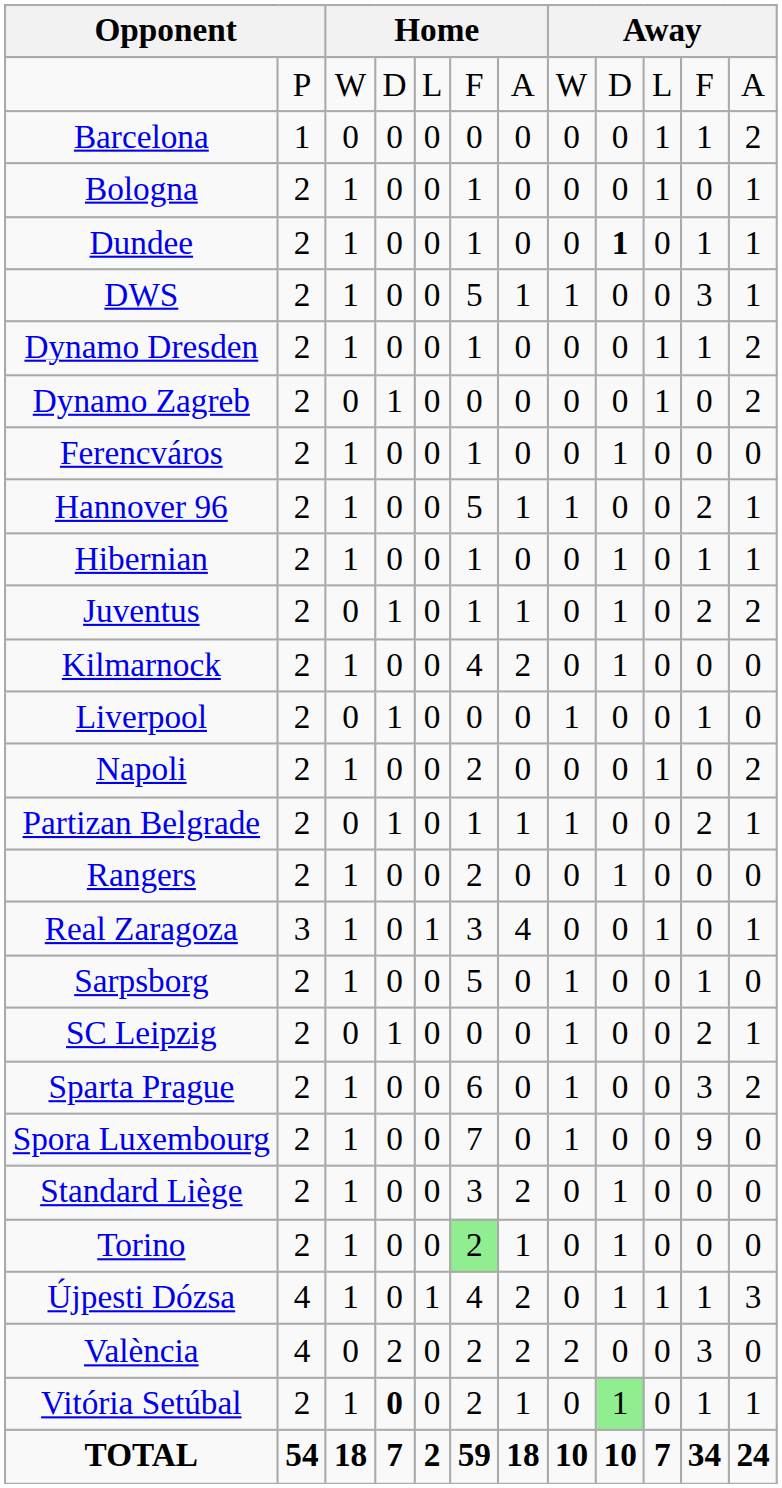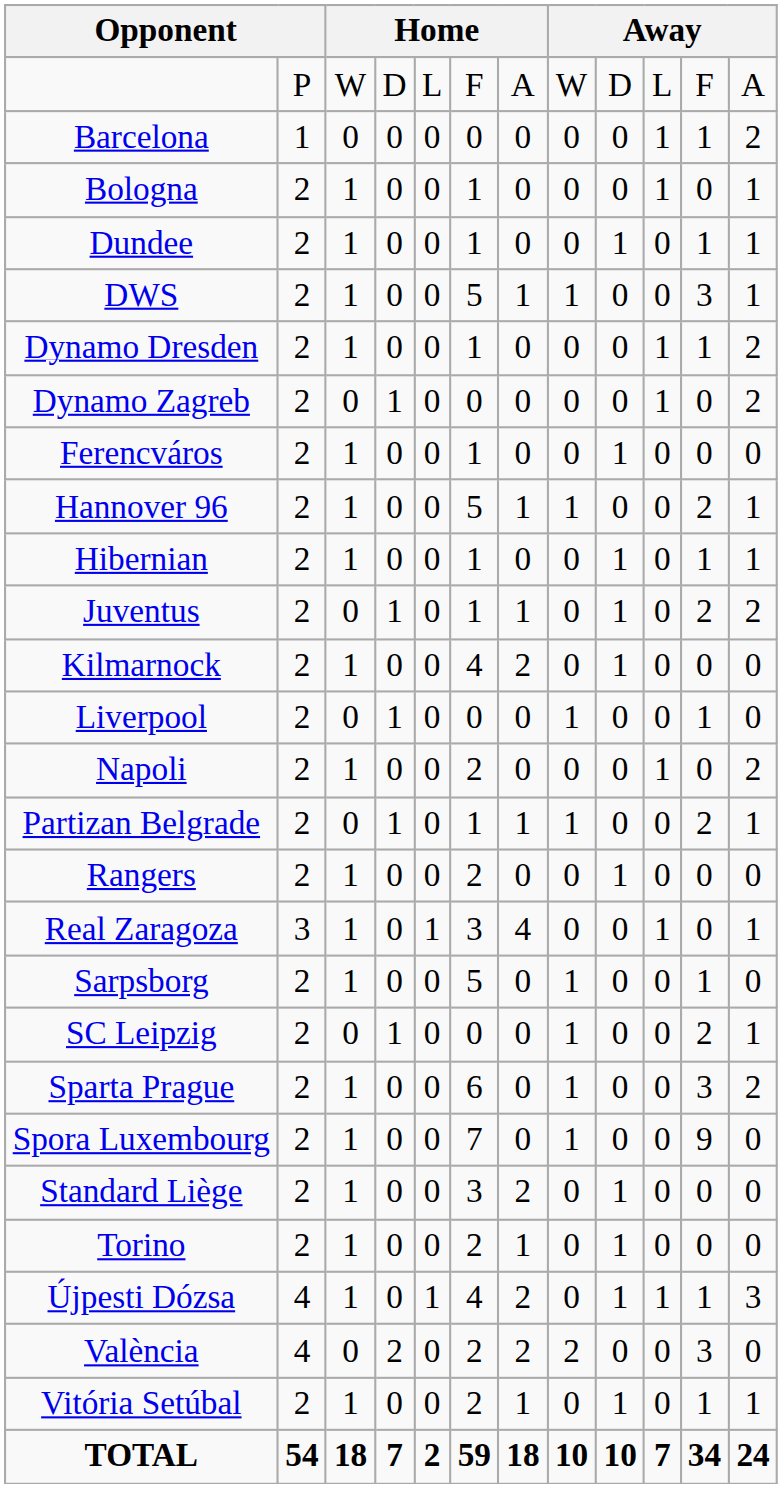 <table class="wikitable" style="text-align: center">
 <tr>
 <th colspan=2>Opponent</th>
 <th colspan=5>Home</th>
 <th colspan=5>Away</th>
 </tr>
 <tr>
 <td></td>
 <td>P</td>
 <td>W</td>
 <td>D</td>
 <td>L</td>
 <td>F</td>
 <td>A</td>
 <td>W</td>
 <td>D</td>
 <td>L</td>
 <td>F</td>
 <td>A</td>
 </tr>
 <tr>
 <td><a href='#'>Barcelona</a></td>
 <td>1</td>
 <td>0</td>
 <td>0</td>
 <td>0</td>
 <td>0</td>
 <td>0</td>
 <td>0</td>
 <td>0</td>
 <td>1</td>
 <td>1</td>
 <td>2</td>
 </tr>
 <tr>
 <td><a href='#'>Bologna</a></td>
 <td>2</td>
 <td>1</td>
 <td>0</td>
 <td>0</td>
 <td>1</td>
 <td>0</td>
 <td>0</td>
 <td>0</td>
 <td>1</td>
 <td>0</td>
 <td>1</td>
 </tr>
 <tr>
 <td><a href='#'>Dundee</a></td>
 <td>2</td>
 <td>1</td>
 <td>0</td>
 <td>0</td>
 <td>1</td>
 <td>0</td>
 <td>0</td>
-<td><strong>1</strong></td>
+<td>1</td>
 <td>0</td>
 <td>1</td>
 <td>1</td>
 </tr>
 <tr>
 <td><a href='#'>DWS</a></td>
 <td>2</td>
 <td>1</td>
 <td>0</td>
 <td>0</td>
 <td>5</td>
 <td>1</td>
 <td>1</td>
 <td>0</td>
 <td>0</td>
 <td>3</td>
 <td>1</td>
 </tr>
 <tr>
 <td><a href='#'>Dynamo Dresden</a></td>
 <td>2</td>
 <td>1</td>
 <td>0</td>
 <td>0</td>
 <td>1</td>
 <td>0</td>
 <td>0</td>
 <td>0</td>
 <td>1</td>
 <td>1</td>
 <td>2</td>
 </tr>
 <tr>
 <td><a href='#'>Dynamo Zagreb</a></td>
 <td>2</td>
 <td>0</td>
 <td>1</td>
 <td>0</td>
 <td>0</td>
 <td>0</td>
 <td>0</td>
 <td>0</td>
 <td>1</td>
 <td>0</td>
 <td>2</td>
 </tr>
 <tr>
 <td><a href='#'>Ferencváros</a></td>
 <td>2</td>
 <td>1</td>
 <td>0</td>
 <td>0</td>
 <td>1</td>
 <td>0</td>
 <td>0</td>
 <td>1</td>
 <td>0</td>
 <td>0</td>
 <td>0</td>
 </tr>
 <tr>
 <td><a href='#'>Hannover 96</a></td>
 <td>2</td>
 <td>1</td>
 <td>0</td>
 <td>0</td>
 <td>5</td>
 <td>1</td>
 <td>1</td>
 <td>0</td>
 <td>0</td>
 <td>2</td>
 <td>1</td>
 </tr>
 <tr>
 <td><a href='#'>Hibernian</a></td>
 <td>2</td>
 <td>1</td>
 <td>0</td>
 <td>0</td>
 <td>1</td>
 <td>0</td>
 <td>0</td>
 <td>1</td>
 <td>0</td>
 <td>1</td>
 <td>1</td>
 </tr>
 <tr>
 <td><a href='#'>Juventus</a></td>
 <td>2</td>
 <td>0</td>
 <td>1</td>
 <td>0</td>
 <td>1</td>
 <td>1</td>
 <td>0</td>
 <td>1</td>
 <td>0</td>
 <td>2</td>
 <td>2</td>
 </tr>
 <tr>
 <td><a href='#'>Kilmarnock</a></td>
 <td>2</td>
 <td>1</td>
 <td>0</td>
 <td>0</td>
 <td>4</td>
 <td>2</td>
 <td>0</td>
 <td>1</td>
 <td>0</td>
 <td>0</td>
 <td>0</td>
 </tr>
 <tr>
 <td><a href='#'>Liverpool</a></td>
 <td>2</td>
 <td>0</td>
 <td>1</td>
 <td>0</td>
 <td>0</td>
 <td>0</td>
 <td>1</td>
 <td>0</td>
 <td>0</td>
 <td>1</td>
 <td>0</td>
 </tr>
 <tr>
 <td><a href='#'>Napoli</a></td>
 <td>2</td>
 <td>1</td>
 <td>0</td>
 <td>0</td>
 <td>2</td>
 <td>0</td>
 <td>0</td>
 <td>0</td>
 <td>1</td>
 <td>0</td>
 <td>2</td>
 </tr>
 <tr>
 <td><a href='#'>Partizan Belgrade</a></td>
 <td>2</td>
 <td>0</td>
 <td>1</td>
 <td>0</td>
 <td>1</td>
 <td>1</td>
 <td>1</td>
 <td>0</td>
 <td>0</td>
 <td>2</td>
 <td>1</td>
 </tr>
 <tr>
 <td><a href='#'>Rangers</a></td>
 <td>2</td>
 <td>1</td>
 <td>0</td>
 <td>0</td>
 <td>2</td>
 <td>0</td>
 <td>0</td>
 <td>1</td>
 <td>0</td>
 <td>0</td>
 <td>0</td>
 </tr>
 <tr>
 <td><a href='#'>Real Zaragoza</a></td>
 <td>3</td>
 <td>1</td>
 <td>0</td>
 <td>1</td>
 <td>3</td>
 <td>4</td>
 <td>0</td>
 <td>0</td>
 <td>1</td>
 <td>0</td>
 <td>1</td>
 </tr>
 <tr>
 <td><a href='#'>Sarpsborg</a></td>
 <td>2</td>
 <td>1</td>
 <td>0</td>
 <td>0</td>
 <td>5</td>
 <td>0</td>
 <td>1</td>
 <td>0</td>
 <td>0</td>
 <td>1</td>
 <td>0</td>
 </tr>
 <tr>
 <td><a href='#'>SC Leipzig</a></td>
 <td>2</td>
 <td>0</td>
 <td>1</td>
 <td>0</td>
 <td>0</td>
 <td>0</td>
 <td>1</td>
 <td>0</td>
 <td>0</td>
 <td>2</td>
 <td>1</td>
 </tr>
 <tr>
 <td><a href='#'>Sparta Prague</a></td>
 <td>2</td>
 <td>1</td>
 <td>0</td>
 <td>0</td>
 <td>6</td>
 <td>0</td>
 <td>1</td>
 <td>0</td>
 <td>0</td>
 <td>3</td>
 <td>2</td>
 </tr>
 <tr>
 <td><a href='#'>Spora Luxembourg</a></td>
 <td>2</td>
 <td>1</td>
 <td>0</td>
 <td>0</td>
 <td>7</td>
 <td>0</td>
 <td>1</td>
 <td>0</td>
 <td>0</td>
 <td>9</td>
 <td>0</td>
 </tr>
 <tr>
 <td><a href='#'>Standard Liège</a></td>
 <td>2</td>
 <td>1</td>
 <td>0</td>
 <td>0</td>
 <td>3</td>
 <td>2</td>
 <td>0</td>
 <td>1</td>
 <td>0</td>
 <td>0</td>
 <td>0</td>
 </tr>
 <tr>
 <td><a href='#'>Torino</a></td>
 <td>2</td>
 <td>1</td>
 <td>0</td>
 <td>0</td>
-<td style="background: lightgreen;">2</td>
+<td>2</td>
 <td>1</td>
 <td>0</td>
 <td>1</td>
 <td>0</td>
 <td>0</td>
 <td>0</td>
 </tr>
 <tr>
 <td><a href='#'>Újpesti Dózsa</a></td>
 <td>4</td>
 <td>1</td>
 <td>0</td>
 <td>1</td>
 <td>4</td>
 <td>2</td>
 <td>0</td>
 <td>1</td>
 <td>1</td>
 <td>1</td>
 <td>3</td>
 </tr>
 <tr>
 <td><a href='#'>València</a></td>
 <td>4</td>
 <td>0</td>
 <td>2</td>
 <td>0</td>
 <td>2</td>
 <td>2</td>
 <td>2</td>
 <td>0</td>
 <td>0</td>
 <td>3</td>
 <td>0</td>
 </tr>
 <tr>
 <td><a href='#'>Vitória Setúbal</a></td>
 <td>2</td>
 <td>1</td>
-<td><strong>0</strong></td>
+<td>0</td>
 <td>0</td>
 <td>2</td>
 <td>1</td>
 <td>0</td>
-<td style="background: lightgreen;">1</td>
+<td>1</td>
 <td>0</td>
 <td>1</td>
 <td>1</td>
 </tr>
 <tr>
 <td><strong>TOTAL</strong></td>
 <td><strong>54</strong></td>
 <td><strong>18</strong></td>
 <td><strong>7</strong></td>
 <td><strong>2</strong></td>
 <td><strong>59</strong></td>
 <td><strong>18</strong></td>
 <td><strong>10</strong></td>
 <td><strong>10</strong></td>
 <td><strong>7</strong></td>
 <td><strong>34</strong></td>
 <td><strong>24</strong></td>
 </tr>
 <tr>
 </tr>
 </table>
